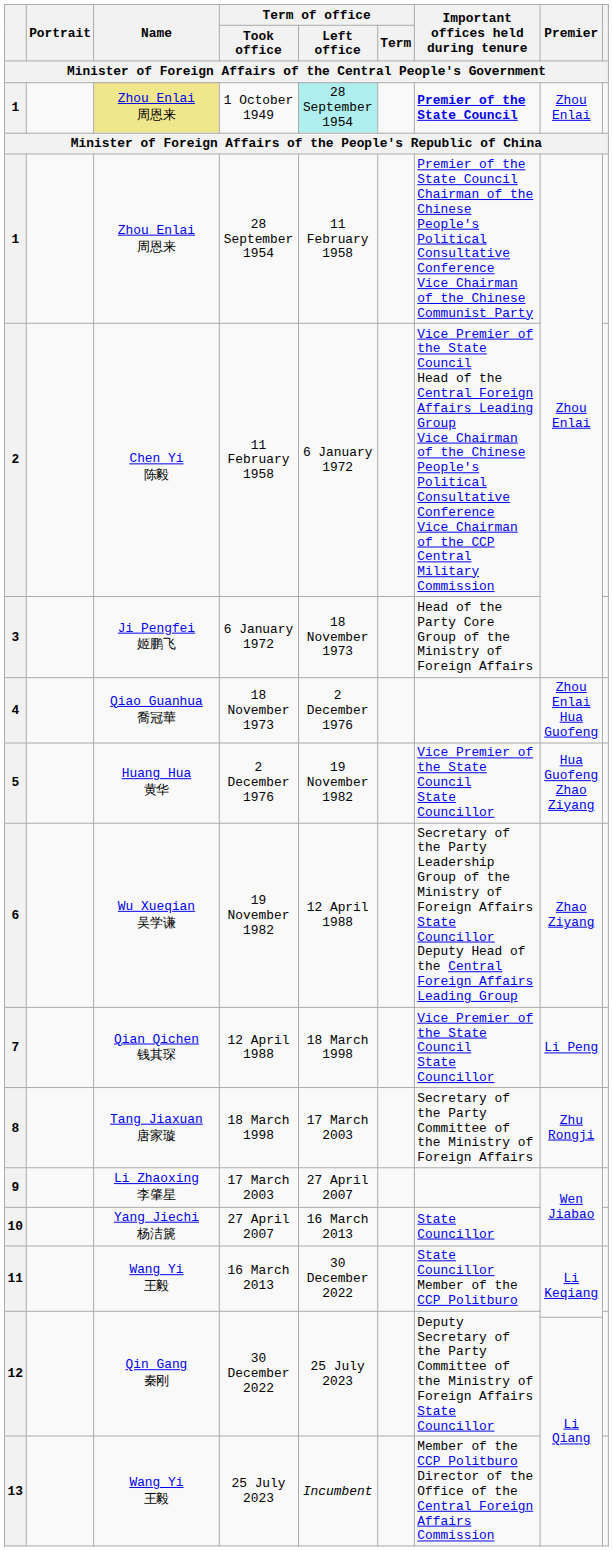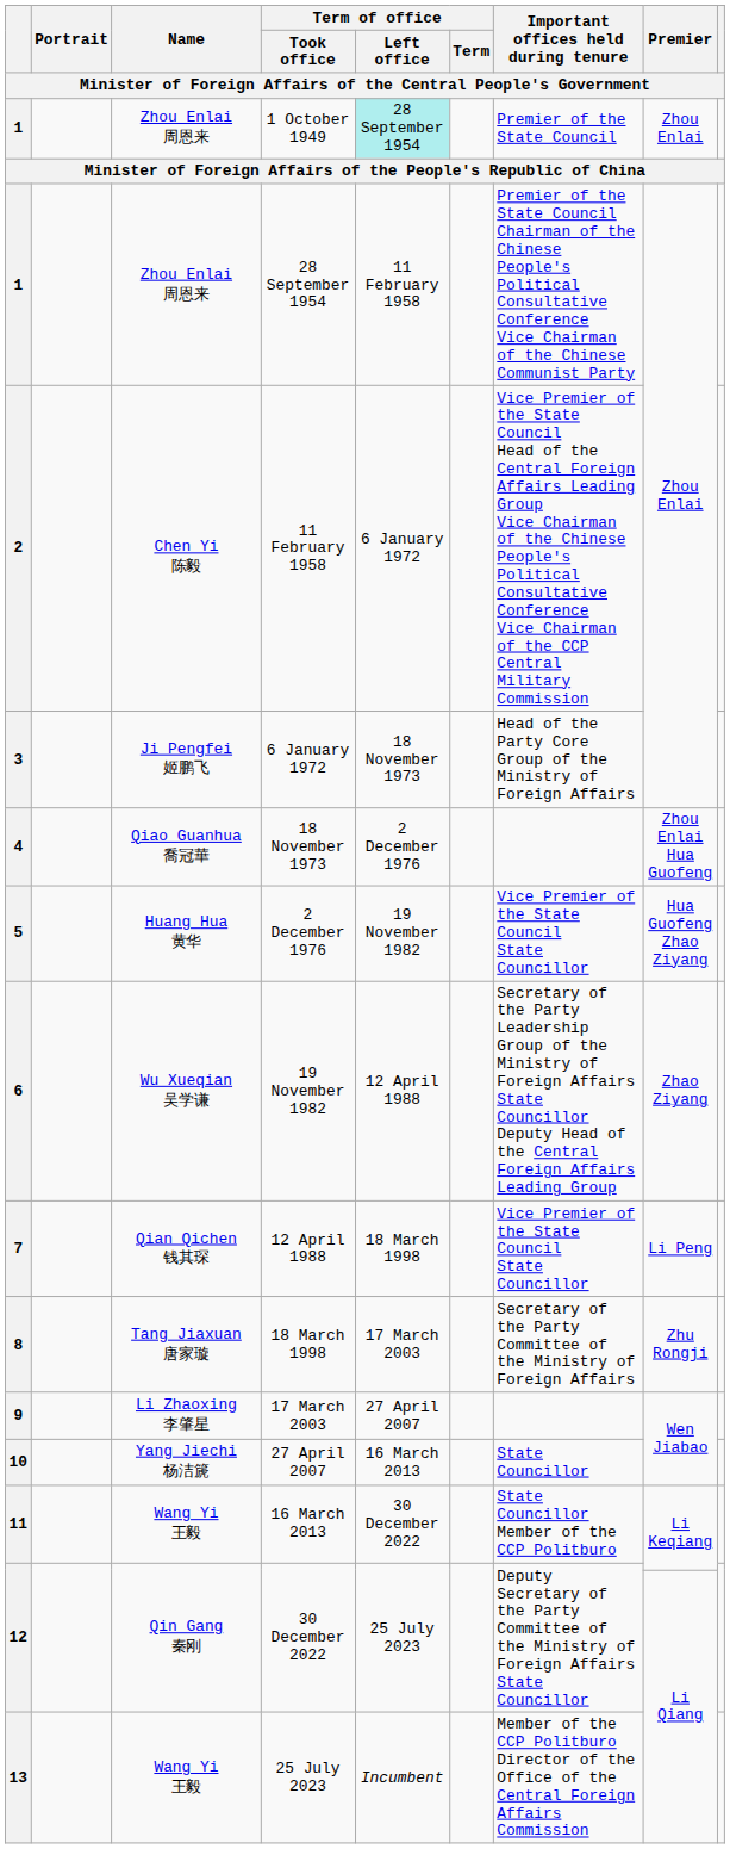 <table class="wikitable" style="text-align:center">
 <tr>
 <th rowspan=2></th>
 <th rowspan=2>Portrait</th>
 <th rowspan=2 width=120>Name<br></th>
 <th colspan=3>Term of office</th>
 <th rowspan="2">Important offices held during tenure</th>
 <th rowspan="2">Premier</th>
 <th rowspan="2"></th>
 </tr>
 <tr>
 <th>Took office</th>
 <th>Left office</th>
 <th>Term</th>
 </tr>
 <tr>
 <th colspan="9">Minister of Foreign Affairs of the Central People's Government</th>
 </tr>
 <tr>
 <th>1</th>
 <td></td>
-<td style="background: khaki;"><a href='#'>Zhou Enlai</a><br>周恩来<br></td>
+<td><a href='#'>Zhou Enlai</a><br>周恩来<br></td>
 <td>1 October 1949</td>
 <td style="background: paleturquoise;">28 September 1954</td>
 <td></td>
-<td align="left"><strong><a href='#'>Premier of the State Council</a></strong></td>
+<td align="left"><a href='#'>Premier of the State Council</a></td>
 <td><a href='#'>Zhou Enlai</a></td>
 <td></td>
 </tr>
 <tr>
 <th colspan="9">Minister of Foreign Affairs of the People's Republic of China</th>
 </tr>
 <tr>
 <th>1</th>
 <td></td>
 <td><a href='#'>Zhou Enlai</a><br>周恩来<br></td>
 <td>28 September 1954</td>
 <td>11 February 1958</td>
 <td></td>
 <td align="left"><a href='#'>Premier of the State Council</a><br><a href='#'>Chairman of the Chinese People's Political Consultative Conference</a><br><a href='#'>Vice Chairman of the Chinese Communist Party</a></td>
 <td rowspan="3"><a href='#'>Zhou Enlai</a></td>
 <td></td>
 </tr>
 <tr>
 <th>2</th>
 <td></td>
 <td><br><a href='#'>Chen Yi</a><br>陈毅<br></td>
 <td>11 February 1958</td>
 <td>6 January 1972</td>
 <td></td>
 <td align="left"><a href='#'>Vice Premier of the State Council</a><br>Head of the <a href='#'>Central Foreign Affairs Leading Group</a><br><a href='#'>Vice Chairman of the Chinese People's Political Consultative Conference</a><br><a href='#'>Vice Chairman of the CCP Central Military Commission</a></td>
 <td></td>
 </tr>
 <tr>
 <th>3</th>
 <td></td>
 <td><a href='#'>Ji Pengfei</a><br>姬鹏飞<br></td>
 <td>6 January 1972</td>
 <td>18 November 1973</td>
 <td></td>
 <td align="left">Head of the Party Core Group of the Ministry of Foreign Affairs</td>
 <td></td>
 </tr>
 <tr>
 <th>4</th>
 <td></td>
 <td><a href='#'>Qiao Guanhua</a><br>喬冠華<br></td>
 <td>18 November 1973</td>
 <td>2 December 1976</td>
 <td></td>
 <td align="left"></td>
 <td><a href='#'>Zhou Enlai</a><br><a href='#'>Hua Guofeng</a></td>
 <td></td>
 </tr>
 <tr>
 <th>5</th>
 <td></td>
 <td><a href='#'>Huang Hua</a><br>黄华<br></td>
 <td>2 December 1976</td>
 <td>19 November 1982</td>
 <td></td>
 <td align="left"><a href='#'>Vice Premier of the State Council</a><br><a href='#'>State Councillor</a></td>
 <td><a href='#'>Hua Guofeng</a><br><a href='#'>Zhao Ziyang</a></td>
 <td></td>
 </tr>
 <tr>
 <th>6</th>
 <td></td>
 <td><a href='#'>Wu Xueqian</a><br>吴学谦<br></td>
 <td>19 November 1982</td>
 <td>12 April 1988</td>
 <td></td>
 <td align="left">Secretary of the Party Leadership Group of the Ministry of Foreign Affairs<br><a href='#'>State Councillor</a><br>Deputy Head of the <a href='#'>Central Foreign Affairs Leading Group</a></td>
 <td><a href='#'>Zhao Ziyang</a></td>
 <td></td>
 </tr>
 <tr>
 <th>7</th>
 <td></td>
 <td><a href='#'>Qian Qichen</a><br>钱其琛<br></td>
 <td>12 April 1988</td>
 <td>18 March 1998</td>
 <td></td>
 <td align="left"><a href='#'>Vice Premier of the State Council</a><br><a href='#'>State Councillor</a></td>
 <td><a href='#'>Li Peng</a></td>
 <td></td>
 </tr>
 <tr>
 <th>8</th>
 <td></td>
 <td><a href='#'>Tang Jiaxuan</a><br>唐家璇<br></td>
 <td>18 March 1998</td>
 <td>17 March 2003</td>
 <td></td>
 <td align="left">Secretary of the Party Committee of the Ministry of Foreign Affairs</td>
 <td><a href='#'>Zhu Rongji</a></td>
 <td></td>
 </tr>
 <tr>
 <th>9</th>
 <td></td>
 <td><a href='#'>Li Zhaoxing</a><br>李肇星<br></td>
 <td>17 March 2003</td>
 <td>27 April 2007</td>
 <td></td>
 <td align="left"></td>
 <td rowspan="2"><a href='#'>Wen Jiabao</a></td>
 <td></td>
 </tr>
 <tr>
 <th>10</th>
 <td></td>
 <td><a href='#'>Yang Jiechi</a><br>杨洁篪<br></td>
 <td>27 April 2007</td>
 <td>16 March 2013</td>
 <td></td>
 <td align="left"><a href='#'>State Councillor</a></td>
 <td></td>
 </tr>
 <tr>
 <th>11</th>
 <td></td>
 <td><a href='#'>Wang Yi</a><br>王毅<br></td>
 <td>16 March 2013</td>
 <td>30 December 2022</td>
 <td></td>
 <td align="left"><a href='#'>State Councillor</a><br>Member of the <a href='#'>CCP Politburo</a></td>
 <td style="border-style: solid solid none solid ;"><br><a href='#'>Li Keqiang</a></td>
 <td></td>
 </tr>
 <tr>
 <th rowspan=2>12</th>
 <td rowspan=2></td>
 <td rowspan=2><a href='#'>Qin Gang</a><br>秦刚<br></td>
 <td rowspan=2>30 December 2022</td>
 <td rowspan=2>25 July 2023</td>
 <td rowspan=2></td>
 <td rowspan="2" align="left">Deputy Secretary of the Party Committee of the Ministry of Foreign Affairs<br><a href='#'>State Councillor</a></td>
 <td style="border-style: none solid solid solid ;"></td>
 <td rowspan="2"></td>
 </tr>
 <tr>
 <td rowspan="2"><a href='#'>Li Qiang</a></td>
 </tr>
 <tr>
 <th>13</th>
 <td></td>
 <td><a href='#'>Wang Yi</a><br>王毅<br></td>
 <td>25 July 2023</td>
 <td><em>Incumbent</em></td>
 <td></td>
 <td align="left">Member of the <a href='#'>CCP Politburo</a><br>Director of the Office of the <a href='#'>Central Foreign Affairs Commission</a></td>
 <td></td>
 </tr>
 </table>
